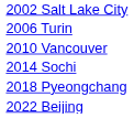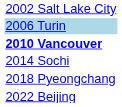 <table>
 <tr>
 <td><a href='#'>2002 Salt Lake City</a><br></td>
 <td></td>
 <td></td>
 <td></td>
 </tr>
 <tr>
-<td><a href='#'>2006 Turin</a><br></td>
+<td style="background: lightblue;"><a href='#'>2006 Turin</a><br></td>
 <td></td>
 <td></td>
 <td></td>
 </tr>
 <tr>
-<td><a href='#'>2010 Vancouver</a><br></td>
+<td><strong><a href='#'>2010 Vancouver</a><br></strong></td>
 <td></td>
 <td></td>
 <td></td>
 </tr>
 <tr>
 <td><a href='#'>2014 Sochi</a><br></td>
 <td></td>
 <td></td>
 <td></td>
 </tr>
 <tr>
 <td><a href='#'>2018 Pyeongchang</a><br></td>
 <td></td>
 <td></td>
 <td></td>
 </tr>
 <tr>
 <td><a href='#'>2022 Beijing</a><br></td>
 <td></td>
 <td></td>
 <td></td>
 </tr>
 <tr>
 </tr>
 </table>
